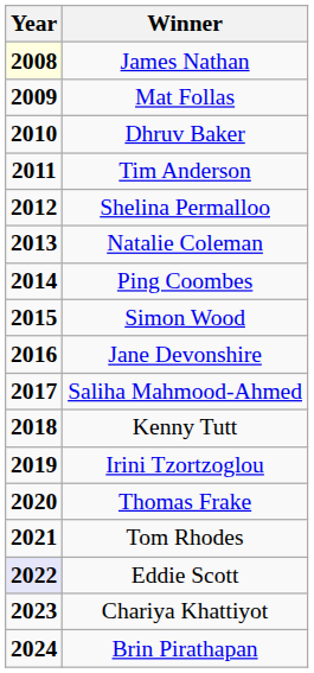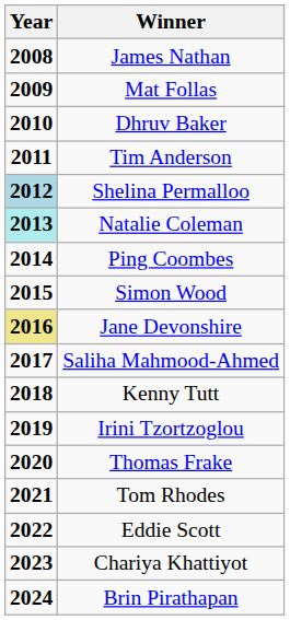 <table class="wikitable" style="text-align:center;">
 <tr>
 <th>Year</th>
 <th>Winner</th>
 </tr>
 <tr>
-<td style="background: lightyellow;"><strong>2008</strong></td>
+<td><strong>2008</strong></td>
 <td><a href='#'>James Nathan</a></td>
 </tr>
 <tr>
 <td><strong>2009</strong></td>
 <td><a href='#'>Mat Follas</a></td>
 </tr>
 <tr>
 <td><strong>2010</strong></td>
 <td><a href='#'>Dhruv Baker</a></td>
 </tr>
 <tr>
 <td><strong>2011</strong></td>
 <td><a href='#'>Tim Anderson</a></td>
 </tr>
 <tr>
-<td><strong>2012</strong></td>
+<td style="background: lightblue;"><strong>2012</strong></td>
 <td><a href='#'>Shelina Permalloo</a></td>
 </tr>
 <tr>
-<td><strong>2013</strong></td>
+<td style="background: paleturquoise;"><strong>2013</strong></td>
 <td><a href='#'>Natalie Coleman</a></td>
 </tr>
 <tr>
 <td><strong>2014</strong></td>
 <td><a href='#'>Ping Coombes</a></td>
 </tr>
 <tr>
 <td><strong>2015</strong></td>
 <td><a href='#'>Simon Wood</a></td>
 </tr>
 <tr>
-<td><strong>2016</strong></td>
+<td style="background: khaki;"><strong>2016</strong></td>
 <td><a href='#'>Jane Devonshire</a></td>
 </tr>
 <tr>
 <td><strong>2017</strong></td>
 <td><a href='#'>Saliha Mahmood-Ahmed</a></td>
 </tr>
 <tr>
 <td><strong>2018</strong></td>
 <td>Kenny Tutt</td>
 </tr>
 <tr>
 <td><strong>2019</strong></td>
 <td><a href='#'>Irini Tzortzoglou</a></td>
 </tr>
 <tr>
 <td><strong>2020</strong></td>
 <td><a href='#'>Thomas Frake</a></td>
 </tr>
 <tr>
 <td><strong>2021</strong></td>
 <td>Tom Rhodes</td>
 </tr>
 <tr>
-<td style="background: lavender;"><strong>2022</strong></td>
+<td><strong>2022</strong></td>
 <td>Eddie Scott</td>
 </tr>
 <tr>
 <td><strong>2023</strong></td>
 <td>Chariya Khattiyot</td>
 </tr>
 <tr>
 <td><strong>2024</strong></td>
 <td><a href='#'>Brin Pirathapan</a></td>
 </tr>
 </table>
